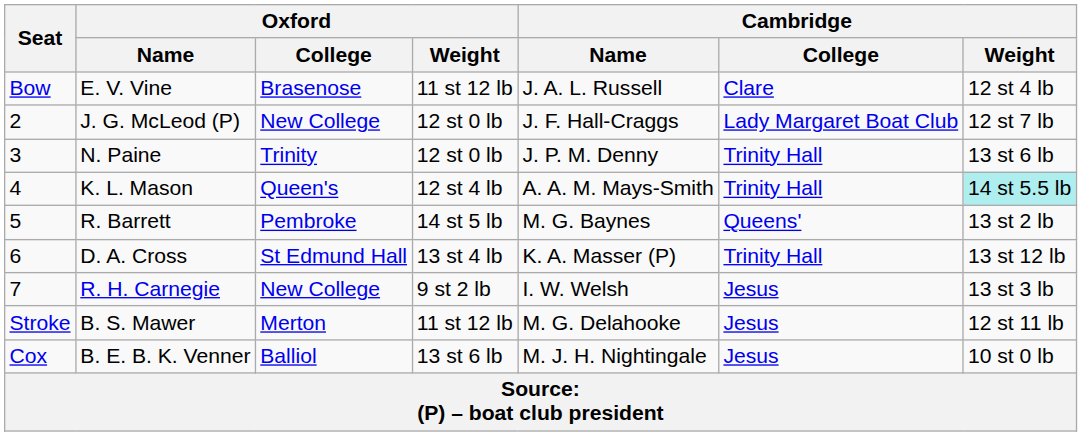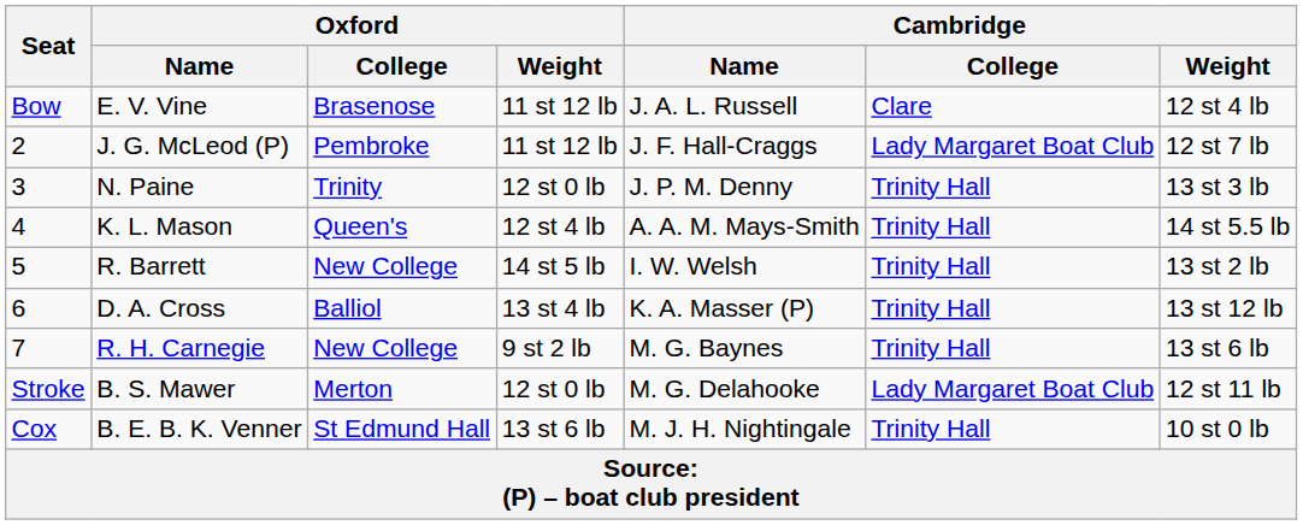 <table class="wikitable">
 <tr>
 <th rowspan="2" scope="col">Seat</th>
 <th colspan="3" scope="col">Oxford <br> </th>
 <th colspan="3" scope="col">Cambridge <br> </th>
 </tr>
 <tr>
 <th>Name</th>
 <th>College</th>
 <th>Weight</th>
 <th>Name</th>
 <th>College</th>
 <th>Weight</th>
 </tr>
 <tr>
 <td><a href='#'>Bow</a></td>
 <td>E. V. Vine</td>
 <td><a href='#'>Brasenose</a></td>
 <td>11 st 12 lb</td>
 <td>J. A. L. Russell</td>
 <td><a href='#'>Clare</a></td>
 <td>12 st 4 lb</td>
 </tr>
 <tr>
 <td>2</td>
 <td>J. G. McLeod (P)</td>
-<td><a href='#'>New College</a></td>
-<td>12 st 0 lb</td>
+<td><a href='#'>Pembroke</a></td>
+<td>11 st 12 lb</td>
 <td>J. F. Hall-Craggs</td>
 <td><a href='#'>Lady Margaret Boat Club</a></td>
 <td>12 st 7 lb</td>
 </tr>
 <tr>
 <td>3</td>
 <td>N. Paine</td>
 <td><a href='#'>Trinity</a></td>
 <td>12 st 0 lb</td>
 <td>J. P. M. Denny</td>
 <td><a href='#'>Trinity Hall</a></td>
-<td>13 st 6 lb</td>
+<td>13 st 3 lb</td>
 </tr>
 <tr>
 <td>4</td>
 <td>K. L. Mason</td>
 <td><a href='#'>Queen's</a></td>
 <td>12 st 4 lb</td>
 <td>A. A. M. Mays-Smith</td>
 <td><a href='#'>Trinity Hall</a></td>
-<td style="background: paleturquoise;">14 st 5.5 lb</td>
+<td>14 st 5.5 lb</td>
 </tr>
 <tr>
 <td>5</td>
 <td>R. Barrett</td>
-<td><a href='#'>Pembroke</a></td>
+<td><a href='#'>New College</a></td>
 <td>14 st 5 lb</td>
-<td>M. G. Baynes</td>
-<td><a href='#'>Queens'</a></td>
+<td>I. W. Welsh</td>
+<td><a href='#'>Trinity Hall</a></td>
 <td>13 st 2 lb</td>
 </tr>
 <tr>
 <td>6</td>
 <td>D. A. Cross</td>
-<td><a href='#'>St Edmund Hall</a></td>
+<td><a href='#'>Balliol</a></td>
 <td>13 st 4 lb</td>
 <td>K. A. Masser (P)</td>
 <td><a href='#'>Trinity Hall</a></td>
 <td>13 st 12 lb</td>
 </tr>
 <tr>
 <td>7</td>
 <td><a href='#'>R. H. Carnegie</a></td>
 <td><a href='#'>New College</a></td>
 <td>9 st 2 lb</td>
-<td>I. W. Welsh</td>
-<td><a href='#'>Jesus</a></td>
-<td>13 st 3 lb</td>
+<td>M. G. Baynes</td>
+<td><a href='#'>Trinity Hall</a></td>
+<td>13 st 6 lb</td>
 </tr>
 <tr>
 <td><a href='#'>Stroke</a></td>
 <td>B. S. Mawer</td>
 <td><a href='#'>Merton</a></td>
-<td>11 st 12 lb</td>
+<td>12 st 0 lb</td>
 <td>M. G. Delahooke</td>
-<td><a href='#'>Jesus</a></td>
+<td><a href='#'>Lady Margaret Boat Club</a></td>
 <td>12 st 11 lb</td>
 </tr>
 <tr>
 <td><a href='#'>Cox</a></td>
 <td>B. E. B. K. Venner</td>
-<td><a href='#'>Balliol</a></td>
+<td><a href='#'>St Edmund Hall</a></td>
 <td>13 st 6 lb</td>
 <td>M. J. H. Nightingale</td>
-<td><a href='#'>Jesus</a></td>
+<td><a href='#'>Trinity Hall</a></td>
 <td>10 st 0 lb</td>
 </tr>
 <tr>
 <th colspan="7">Source:<br>(P) – boat club president</th>
 </tr>
 </table>
